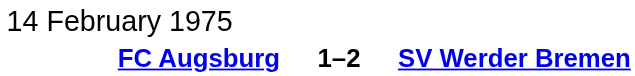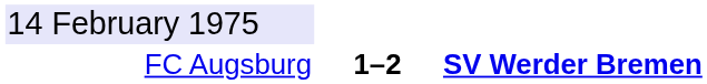 <table width=100% cellspacing=1>
 <tr>
 <th width=25%></th>
 <th width=10%></th>
 <th width=25%></th>
 <th></th>
 </tr>
 <tr>
-<td>14 February 1975</td>
+<td style="background: lavender;">14 February 1975</td>
 </tr>
 <tr style=font-size:90%>
-<td align=right><strong><a href='#'>FC Augsburg</a></strong></td>
+<td align=right><a href='#'>FC Augsburg</a></td>
 <td align=center><strong>1–2</strong></td>
 <td><strong><a href='#'>SV Werder Bremen</a></strong></td>
 </tr>
 </table>
